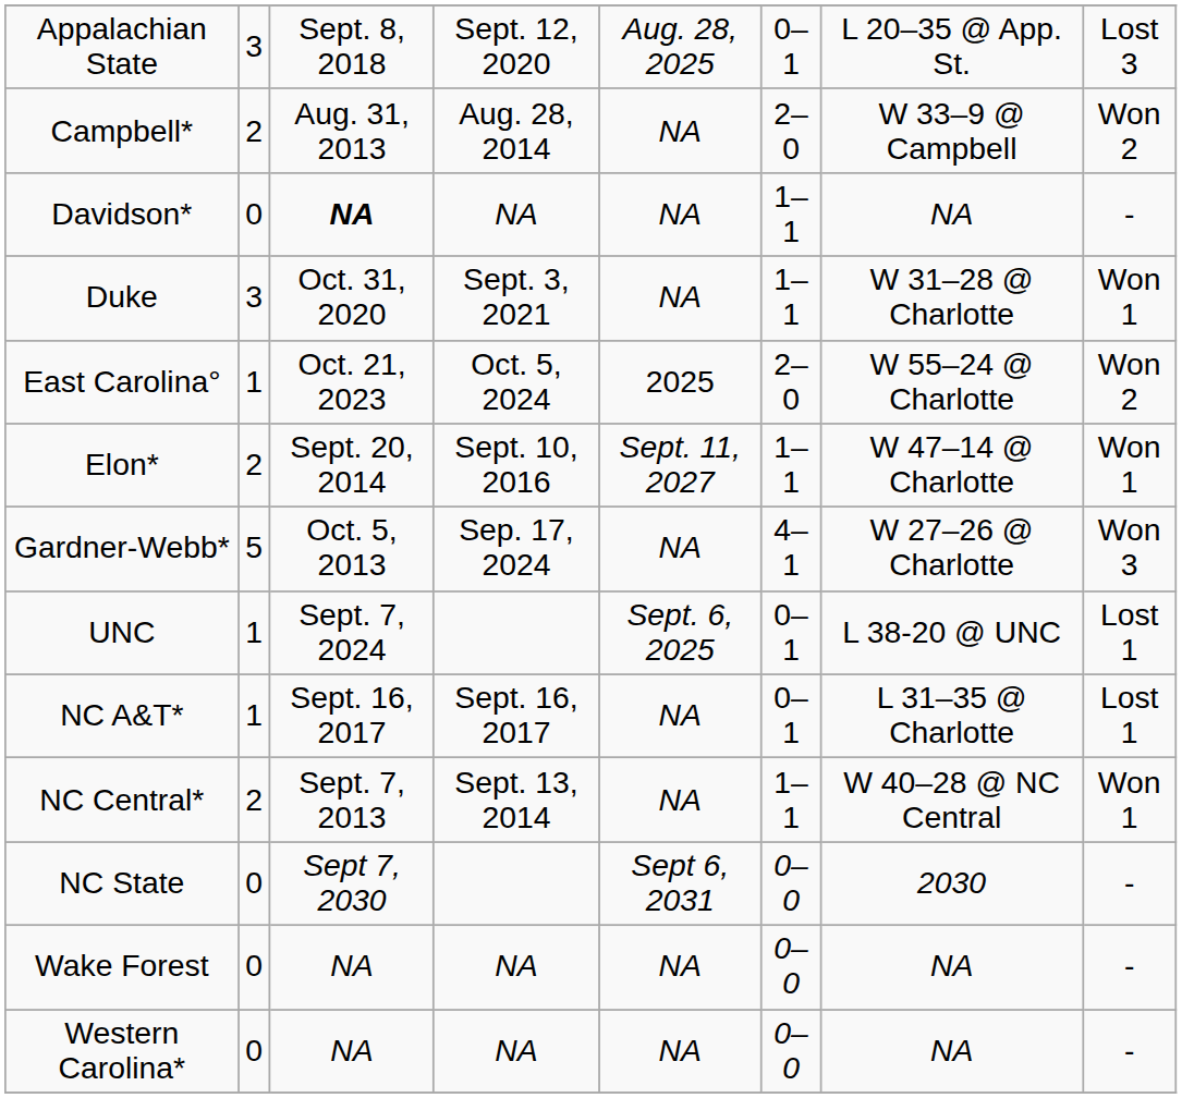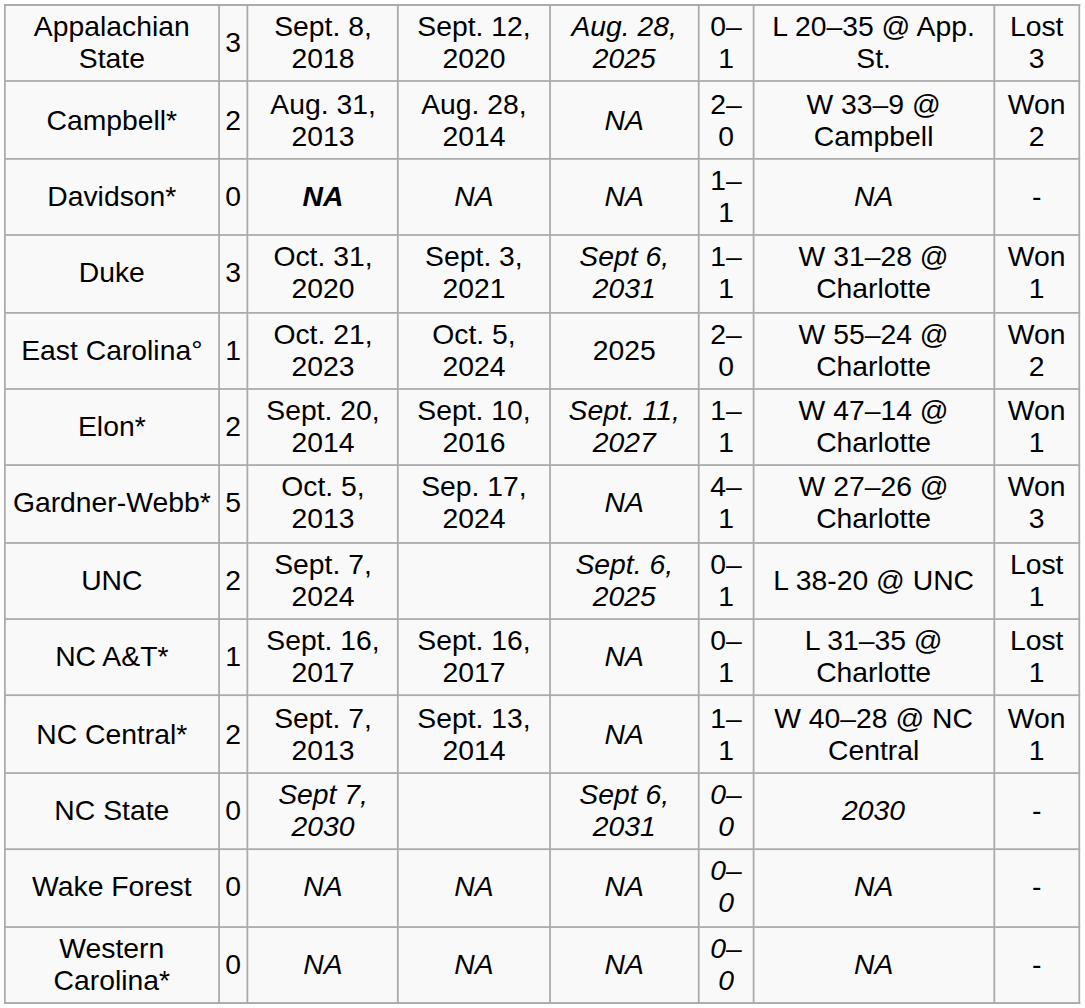 <table class="wikitable mw-collapsible mw-collapsed">
 <tr>
 </tr>
 <tr style="text-align:center;">
 <td>Appalachian State</td>
 <td>3</td>
 <td>Sept. 8, 2018</td>
 <td>Sept. 12, 2020</td>
 <td><em>Aug. 28, 2025</em></td>
 <td>0–1</td>
 <td>L 20–35 @ App. St.</td>
 <td>Lost 3</td>
 </tr>
 <tr style="text-align:center;">
 <td>Campbell*</td>
 <td>2</td>
 <td>Aug. 31, 2013</td>
 <td>Aug. 28, 2014</td>
 <td><em>NA</em></td>
 <td>2–0</td>
 <td>W 33–9 @ Campbell</td>
 <td>Won 2</td>
 </tr>
 <tr style="text-align:center;">
 <td>Davidson*</td>
 <td>0</td>
 <td><strong><em>NA</em></strong></td>
 <td><em>NA</em></td>
 <td><em>NA</em></td>
 <td>1–1</td>
 <td><em>NA</em></td>
 <td>-</td>
 </tr>
 <tr style="text-align:center;">
 <td>Duke</td>
 <td>3</td>
 <td>Oct. 31, 2020</td>
 <td>Sept. 3, 2021</td>
-<td><em>NA</em></td>
+<td><em>Sept 6, 2031</em></td>
 <td>1–1</td>
 <td>W 31–28 @ Charlotte</td>
 <td>Won 1</td>
 </tr>
 <tr style="text-align:center;">
 <td>East Carolina°</td>
 <td>1</td>
 <td>Oct. 21, 2023</td>
 <td>Oct. 5, 2024</td>
 <td>2025</td>
 <td>2–0</td>
 <td>W 55–24 @ Charlotte</td>
 <td>Won 2</td>
 </tr>
 <tr style="text-align:center;">
 <td>Elon*</td>
 <td>2</td>
 <td>Sept. 20, 2014</td>
 <td>Sept. 10, 2016</td>
 <td><em>Sept. 11, 2027</em></td>
 <td>1–1</td>
 <td>W 47–14 @ Charlotte</td>
 <td>Won 1</td>
 </tr>
 <tr style="text-align:center;">
 <td>Gardner-Webb*</td>
 <td>5</td>
 <td>Oct. 5, 2013</td>
 <td>Sep. 17, 2024</td>
 <td><em>NA</em></td>
 <td>4–1</td>
 <td>W 27–26 @ Charlotte</td>
 <td>Won 3</td>
 </tr>
 <tr style="text-align:center;">
 <td>UNC</td>
-<td>1</td>
+<td>2</td>
 <td>Sept. 7, 2024</td>
 <td></td>
 <td><em>Sept. 6, 2025</em></td>
 <td>0–1</td>
 <td>L 38-20 @ UNC</td>
 <td>Lost 1</td>
 </tr>
 <tr style="text-align:center;">
 <td>NC A&T*</td>
 <td>1</td>
 <td>Sept. 16, 2017</td>
 <td>Sept. 16, 2017</td>
 <td><em>NA</em></td>
 <td>0–1</td>
 <td>L 31–35 @ Charlotte</td>
 <td>Lost 1</td>
 </tr>
 <tr style="text-align:center;">
 <td>NC Central*</td>
 <td>2</td>
 <td>Sept. 7, 2013</td>
 <td>Sept. 13, 2014</td>
 <td><em>NA</em></td>
 <td>1–1</td>
 <td>W 40–28 @ NC Central</td>
 <td>Won 1</td>
 </tr>
 <tr style="text-align:center;">
 <td>NC State</td>
 <td>0</td>
 <td><em>Sept 7, 2030</em></td>
 <td></td>
 <td><em>Sept 6, 2031</em></td>
 <td><em>0–0</em></td>
 <td><em>2030</em></td>
 <td>-</td>
 </tr>
 <tr style="text-align:center;">
 <td>Wake Forest</td>
 <td>0</td>
 <td><em>NA</em></td>
 <td><em>NA</em></td>
 <td><em>NA</em></td>
 <td><em>0–0</em></td>
 <td><em>NA</em></td>
 <td>-</td>
 </tr>
 <tr style="text-align:center;">
 <td>Western Carolina*</td>
 <td>0</td>
 <td><em>NA</em></td>
 <td><em>NA</em></td>
 <td><em>NA</em></td>
 <td><em>0–0</em></td>
 <td><em>NA</em></td>
 <td>-</td>
 </tr>
 <tr style="text-align:center;">
 </tr>
 </table>
